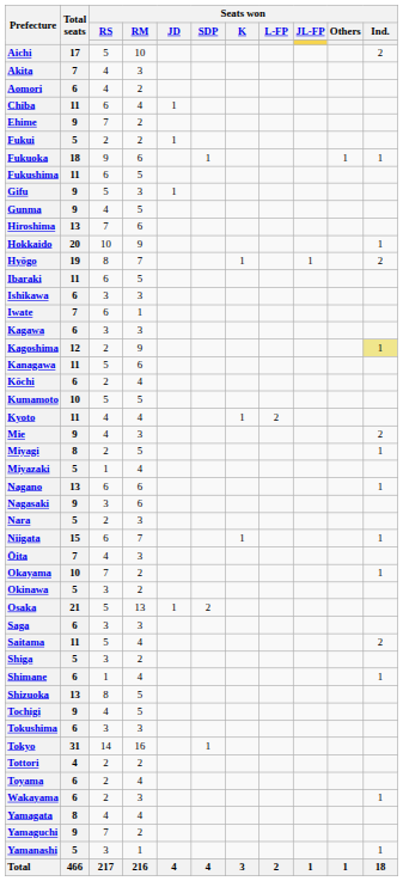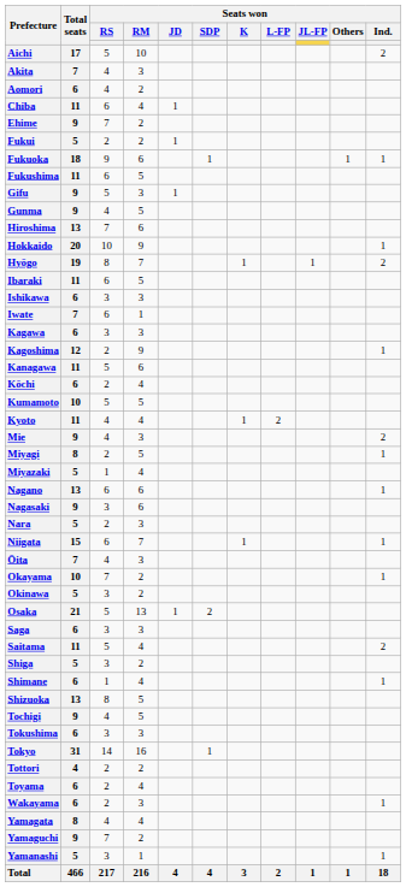 <table class="wikitable" style="text-align:center; font-size: 0.9em;">
 <tr>
 <th rowspan="3">Prefecture</th>
 <th rowspan="3">Total<br>seats</th>
 <th colspan="9">Seats won</th>
 </tr>
 <tr>
 <th class="unsortable" style="width:40px;"><a href='#'>RS</a></th>
 <th class="unsortable" style="width:40px;"><a href='#'>RM</a></th>
 <th class="unsortable" style="width:40px;"><a href='#'>JD</a></th>
 <th class="unsortable" style="width:40px;"><a href='#'>SDP</a></th>
 <th class="unsortable" style="width:40px;"><a href='#'>K</a></th>
 <th class="unsortable" style="width:40px;"><a href='#'>L-FP</a></th>
 <th class="unsortable" style="width:40px;"><a href='#'>JL-FP</a></th>
 <th class="unsortable" style="width:40px;">Others</th>
 <th class="unsortable" style="width:40px;">Ind.</th>
 </tr>
 <tr>
 <th style="background:"></th>
 <th style="background:"></th>
 <th style="background:"></th>
 <th style="background:"></th>
 <th style="background:"></th>
 <th style="background:"></th>
 <th style="background:#F7D54E"></th>
 <th></th>
 <th style="background:"></th>
 </tr>
 <tr>
 <th style="text-align: left;"><a href='#'>Aichi</a></th>
 <th>17</th>
 <td>5</td>
 <td>10</td>
 <td></td>
 <td></td>
 <td></td>
 <td></td>
 <td></td>
 <td></td>
 <td>2</td>
 </tr>
 <tr>
 <th style="text-align: left;"><a href='#'>Akita</a></th>
 <th>7</th>
 <td>4</td>
 <td>3</td>
 <td></td>
 <td></td>
 <td></td>
 <td></td>
 <td></td>
 <td></td>
 <td></td>
 </tr>
 <tr>
 <th style="text-align: left;"><a href='#'>Aomori</a></th>
 <th>6</th>
 <td>4</td>
 <td>2</td>
 <td></td>
 <td></td>
 <td></td>
 <td></td>
 <td></td>
 <td></td>
 <td></td>
 </tr>
 <tr>
 <th style="text-align: left;"><a href='#'>Chiba</a></th>
 <th>11</th>
 <td>6</td>
 <td>4</td>
 <td>1</td>
 <td></td>
 <td></td>
 <td></td>
 <td></td>
 <td></td>
 <td></td>
 </tr>
 <tr>
 <th style="text-align: left;"><a href='#'>Ehime</a></th>
 <th>9</th>
 <td>7</td>
 <td>2</td>
 <td></td>
 <td></td>
 <td></td>
 <td></td>
 <td></td>
 <td></td>
 <td></td>
 </tr>
 <tr>
 <th style="text-align: left;"><a href='#'>Fukui</a></th>
 <th>5</th>
 <td>2</td>
 <td>2</td>
 <td>1</td>
 <td></td>
 <td></td>
 <td></td>
 <td></td>
 <td></td>
 <td></td>
 </tr>
 <tr>
 <th style="text-align: left;"><a href='#'>Fukuoka</a></th>
 <th>18</th>
 <td>9</td>
 <td>6</td>
 <td></td>
 <td>1</td>
 <td></td>
 <td></td>
 <td></td>
 <td>1</td>
 <td>1</td>
 </tr>
 <tr>
 <th style="text-align: left;"><a href='#'>Fukushima</a></th>
 <th>11</th>
 <td>6</td>
 <td>5</td>
 <td></td>
 <td></td>
 <td></td>
 <td></td>
 <td></td>
 <td></td>
 <td></td>
 </tr>
 <tr>
 <th style="text-align: left;"><a href='#'>Gifu</a></th>
 <th>9</th>
 <td>5</td>
 <td>3</td>
 <td>1</td>
 <td></td>
 <td></td>
 <td></td>
 <td></td>
 <td></td>
 <td></td>
 </tr>
 <tr>
 <th style="text-align: left;"><a href='#'>Gunma</a></th>
 <th>9</th>
 <td>4</td>
 <td>5</td>
 <td></td>
 <td></td>
 <td></td>
 <td></td>
 <td></td>
 <td></td>
 <td></td>
 </tr>
 <tr>
 <th style="text-align: left;"><a href='#'>Hiroshima</a></th>
 <th>13</th>
 <td>7</td>
 <td>6</td>
 <td></td>
 <td></td>
 <td></td>
 <td></td>
 <td></td>
 <td></td>
 <td></td>
 </tr>
 <tr>
 <th style="text-align: left;"><a href='#'>Hokkaido</a></th>
 <th>20</th>
 <td>10</td>
 <td>9</td>
 <td></td>
 <td></td>
 <td></td>
 <td></td>
 <td></td>
 <td></td>
 <td>1</td>
 </tr>
 <tr>
 <th style="text-align: left;"><a href='#'>Hyōgo</a></th>
 <th>19</th>
 <td>8</td>
 <td>7</td>
 <td></td>
 <td></td>
 <td>1</td>
 <td></td>
 <td>1</td>
 <td></td>
 <td>2</td>
 </tr>
 <tr>
 <th style="text-align: left;"><a href='#'>Ibaraki</a></th>
 <th>11</th>
 <td>6</td>
 <td>5</td>
 <td></td>
 <td></td>
 <td></td>
 <td></td>
 <td></td>
 <td></td>
 <td></td>
 </tr>
 <tr>
 <th style="text-align: left;"><a href='#'>Ishikawa</a></th>
 <th>6</th>
 <td>3</td>
 <td>3</td>
 <td></td>
 <td></td>
 <td></td>
 <td></td>
 <td></td>
 <td></td>
 <td></td>
 </tr>
 <tr>
 <th style="text-align: left;"><a href='#'>Iwate</a></th>
 <th>7</th>
 <td>6</td>
 <td>1</td>
 <td></td>
 <td></td>
 <td></td>
 <td></td>
 <td></td>
 <td></td>
 <td></td>
 </tr>
 <tr>
 <th style="text-align: left;"><a href='#'>Kagawa</a></th>
 <th>6</th>
 <td>3</td>
 <td>3</td>
 <td></td>
 <td></td>
 <td></td>
 <td></td>
 <td></td>
 <td></td>
 <td></td>
 </tr>
 <tr>
 <th style="text-align: left;"><a href='#'>Kagoshima</a></th>
 <th>12</th>
 <td>2</td>
 <td>9</td>
 <td></td>
 <td></td>
 <td></td>
 <td></td>
 <td></td>
 <td></td>
-<td style="background: khaki;">1</td>
+<td>1</td>
 </tr>
 <tr>
 <th style="text-align: left;"><a href='#'>Kanagawa</a></th>
 <th>11</th>
 <td>5</td>
 <td>6</td>
 <td></td>
 <td></td>
 <td></td>
 <td></td>
 <td></td>
 <td></td>
 <td></td>
 </tr>
 <tr>
 <th style="text-align: left;"><a href='#'>Kōchi</a></th>
 <th>6</th>
 <td>2</td>
 <td>4</td>
 <td></td>
 <td></td>
 <td></td>
 <td></td>
 <td></td>
 <td></td>
 <td></td>
 </tr>
 <tr>
 <th style="text-align: left;"><a href='#'>Kumamoto</a></th>
 <th>10</th>
 <td>5</td>
 <td>5</td>
 <td></td>
 <td></td>
 <td></td>
 <td></td>
 <td></td>
 <td></td>
 <td></td>
 </tr>
 <tr>
 <th style="text-align: left;"><a href='#'>Kyoto</a></th>
 <th>11</th>
 <td>4</td>
 <td>4</td>
 <td></td>
 <td></td>
 <td>1</td>
 <td>2</td>
 <td></td>
 <td></td>
 <td></td>
 </tr>
 <tr>
 <th style="text-align: left;"><a href='#'>Mie</a></th>
 <th>9</th>
 <td>4</td>
 <td>3</td>
 <td></td>
 <td></td>
 <td></td>
 <td></td>
 <td></td>
 <td></td>
 <td>2</td>
 </tr>
 <tr>
 <th style="text-align: left;"><a href='#'>Miyagi</a></th>
 <th>8</th>
 <td>2</td>
 <td>5</td>
 <td></td>
 <td></td>
 <td></td>
 <td></td>
 <td></td>
 <td></td>
 <td>1</td>
 </tr>
 <tr>
 <th style="text-align: left;"><a href='#'>Miyazaki</a></th>
 <th>5</th>
 <td>1</td>
 <td>4</td>
 <td></td>
 <td></td>
 <td></td>
 <td></td>
 <td></td>
 <td></td>
 <td></td>
 </tr>
 <tr>
 <th style="text-align: left;"><a href='#'>Nagano</a></th>
 <th>13</th>
 <td>6</td>
 <td>6</td>
 <td></td>
 <td></td>
 <td></td>
 <td></td>
 <td></td>
 <td></td>
 <td>1</td>
 </tr>
 <tr>
 <th style="text-align: left;"><a href='#'>Nagasaki</a></th>
 <th>9</th>
 <td>3</td>
 <td>6</td>
 <td></td>
 <td></td>
 <td></td>
 <td></td>
 <td></td>
 <td></td>
 <td></td>
 </tr>
 <tr>
 <th style="text-align: left;"><a href='#'>Nara</a></th>
 <th>5</th>
 <td>2</td>
 <td>3</td>
 <td></td>
 <td></td>
 <td></td>
 <td></td>
 <td></td>
 <td></td>
 <td></td>
 </tr>
 <tr>
 <th style="text-align: left;"><a href='#'>Niigata</a></th>
 <th>15</th>
 <td>6</td>
 <td>7</td>
 <td></td>
 <td></td>
 <td>1</td>
 <td></td>
 <td></td>
 <td></td>
 <td>1</td>
 </tr>
 <tr>
 <th style="text-align: left;"><a href='#'>Ōita</a></th>
 <th>7</th>
 <td>4</td>
 <td>3</td>
 <td></td>
 <td></td>
 <td></td>
 <td></td>
 <td></td>
 <td></td>
 <td></td>
 </tr>
 <tr>
 <th style="text-align: left;"><a href='#'>Okayama</a></th>
 <th>10</th>
 <td>7</td>
 <td>2</td>
 <td></td>
 <td></td>
 <td></td>
 <td></td>
 <td></td>
 <td></td>
 <td>1</td>
 </tr>
 <tr>
 <th style="text-align: left;"><a href='#'>Okinawa</a></th>
 <th>5</th>
 <td>3</td>
 <td>2</td>
 <td></td>
 <td></td>
 <td></td>
 <td></td>
 <td></td>
 <td></td>
 <td></td>
 </tr>
 <tr>
 <th style="text-align: left;"><a href='#'>Osaka</a></th>
 <th>21</th>
 <td>5</td>
 <td>13</td>
 <td>1</td>
 <td>2</td>
 <td></td>
 <td></td>
 <td></td>
 <td></td>
 <td></td>
 </tr>
 <tr>
 <th style="text-align: left;"><a href='#'>Saga</a></th>
 <th>6</th>
 <td>3</td>
 <td>3</td>
 <td></td>
 <td></td>
 <td></td>
 <td></td>
 <td></td>
 <td></td>
 <td></td>
 </tr>
 <tr>
 <th style="text-align: left;"><a href='#'>Saitama</a></th>
 <th>11</th>
 <td>5</td>
 <td>4</td>
 <td></td>
 <td></td>
 <td></td>
 <td></td>
 <td></td>
 <td></td>
 <td>2</td>
 </tr>
 <tr>
 <th style="text-align: left;"><a href='#'>Shiga</a></th>
 <th>5</th>
 <td>3</td>
 <td>2</td>
 <td></td>
 <td></td>
 <td></td>
 <td></td>
 <td></td>
 <td></td>
 <td></td>
 </tr>
 <tr>
 <th style="text-align: left;"><a href='#'>Shimane</a></th>
 <th>6</th>
 <td>1</td>
 <td>4</td>
 <td></td>
 <td></td>
 <td></td>
 <td></td>
 <td></td>
 <td></td>
 <td>1</td>
 </tr>
 <tr>
 <th style="text-align: left;"><a href='#'>Shizuoka</a></th>
 <th>13</th>
 <td>8</td>
 <td>5</td>
 <td></td>
 <td></td>
 <td></td>
 <td></td>
 <td></td>
 <td></td>
 <td></td>
 </tr>
 <tr>
 <th style="text-align: left;"><a href='#'>Tochigi</a></th>
 <th>9</th>
 <td>4</td>
 <td>5</td>
 <td></td>
 <td></td>
 <td></td>
 <td></td>
 <td></td>
 <td></td>
 <td></td>
 </tr>
 <tr>
 <th style="text-align: left;"><a href='#'>Tokushima</a></th>
 <th>6</th>
 <td>3</td>
 <td>3</td>
 <td></td>
 <td></td>
 <td></td>
 <td></td>
 <td></td>
 <td></td>
 <td></td>
 </tr>
 <tr>
 <th style="text-align: left;"><a href='#'>Tokyo</a></th>
 <th>31</th>
 <td>14</td>
 <td>16</td>
 <td></td>
 <td>1</td>
 <td></td>
 <td></td>
 <td></td>
 <td></td>
 <td></td>
 </tr>
 <tr>
 <th style="text-align: left;"><a href='#'>Tottori</a></th>
 <th>4</th>
 <td>2</td>
 <td>2</td>
 <td></td>
 <td></td>
 <td></td>
 <td></td>
 <td></td>
 <td></td>
 <td></td>
 </tr>
 <tr>
 <th style="text-align: left;"><a href='#'>Toyama</a></th>
 <th>6</th>
 <td>2</td>
 <td>4</td>
 <td></td>
 <td></td>
 <td></td>
 <td></td>
 <td></td>
 <td></td>
 <td></td>
 </tr>
 <tr>
 <th style="text-align: left;"><a href='#'>Wakayama</a></th>
 <th>6</th>
 <td>2</td>
 <td>3</td>
 <td></td>
 <td></td>
 <td></td>
 <td></td>
 <td></td>
 <td></td>
 <td>1</td>
 </tr>
 <tr>
 <th style="text-align: left;"><a href='#'>Yamagata</a></th>
 <th>8</th>
 <td>4</td>
 <td>4</td>
 <td></td>
 <td></td>
 <td></td>
 <td></td>
 <td></td>
 <td></td>
 <td></td>
 </tr>
 <tr>
 <th style="text-align: left;"><a href='#'>Yamaguchi</a></th>
 <th>9</th>
 <td>7</td>
 <td>2</td>
 <td></td>
 <td></td>
 <td></td>
 <td></td>
 <td></td>
 <td></td>
 <td></td>
 </tr>
 <tr>
 <th style="text-align: left;"><a href='#'>Yamanashi</a></th>
 <th>5</th>
 <td>3</td>
 <td>1</td>
 <td></td>
 <td></td>
 <td></td>
 <td></td>
 <td></td>
 <td></td>
 <td>1</td>
 </tr>
 <tr class="sortbottom">
 <th style="text-align: left;">Total</th>
 <th>466</th>
 <th>217</th>
 <th>216</th>
 <th>4</th>
 <th>4</th>
 <th>3</th>
 <th>2</th>
 <th>1</th>
 <th>1</th>
 <th>18</th>
 </tr>
 </table>
